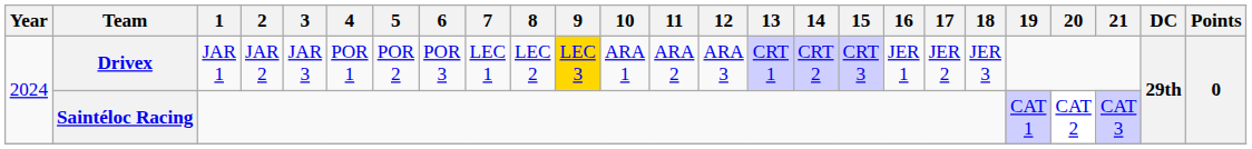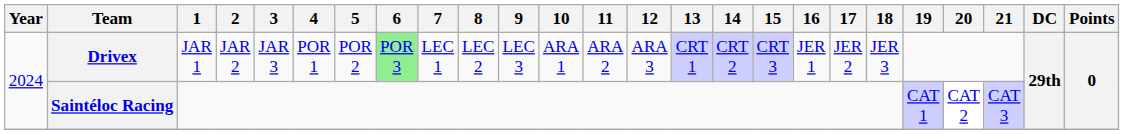 <table class="wikitable" style="text-align:center; font-size:85%">
 <tr>
 <th>Year</th>
 <th>Team</th>
 <th>1</th>
 <th>2</th>
 <th>3</th>
 <th>4</th>
 <th>5</th>
 <th>6</th>
 <th>7</th>
 <th>8</th>
 <th>9</th>
 <th>10</th>
 <th>11</th>
 <th>12</th>
 <th>13</th>
 <th>14</th>
 <th>15</th>
 <th>16</th>
 <th>17</th>
 <th>18</th>
 <th>19</th>
 <th>20</th>
 <th>21</th>
 <th>DC</th>
 <th>Points</th>
 </tr>
 <tr>
 <td rowspan=2><a href='#'>2024</a></td>
 <th><a href='#'>Drivex</a></th>
 <td><a href='#'>JAR<br>1</a></td>
 <td><a href='#'>JAR<br>2</a></td>
 <td><a href='#'>JAR<br>3</a></td>
 <td><a href='#'>POR<br>1</a></td>
 <td><a href='#'>POR<br>2</a></td>
-<td><a href='#'>POR<br>3</a></td>
+<td style="background: lightgreen;"><a href='#'>POR<br>3</a></td>
 <td><a href='#'>LEC<br>1</a></td>
 <td><a href='#'>LEC<br>2</a></td>
-<td style="background: gold;"><a href='#'>LEC<br>3</a></td>
+<td><a href='#'>LEC<br>3</a></td>
 <td><a href='#'>ARA<br>1</a></td>
 <td><a href='#'>ARA<br>2</a></td>
 <td><a href='#'>ARA<br>3</a></td>
 <td style="background:#CFCFFF"><a href='#'>CRT<br>1</a><br></td>
 <td style="background:#CFCFFF"><a href='#'>CRT<br>2</a><br></td>
 <td style="background:#CFCFFF"><a href='#'>CRT<br>3</a><br></td>
 <td><a href='#'>JER<br>1</a></td>
 <td><a href='#'>JER<br>2</a></td>
 <td><a href='#'>JER<br>3</a></td>
 <td colspan=3></td>
 <th rowspan=2>29th</th>
 <th rowspan=2>0</th>
 </tr>
 <tr>
 <th nowrap><a href='#'>Saintéloc Racing</a></th>
 <td colspan=18></td>
 <td style="background:#CFCFFF"><a href='#'>CAT<br>1</a><br></td>
 <td style="background:#FFFFFF"><a href='#'>CAT<br>2</a><br></td>
 <td style="background:#CFCFFF"><a href='#'>CAT<br>3</a><br></td>
 </tr>
 <tr>
 </tr>
 </table>
